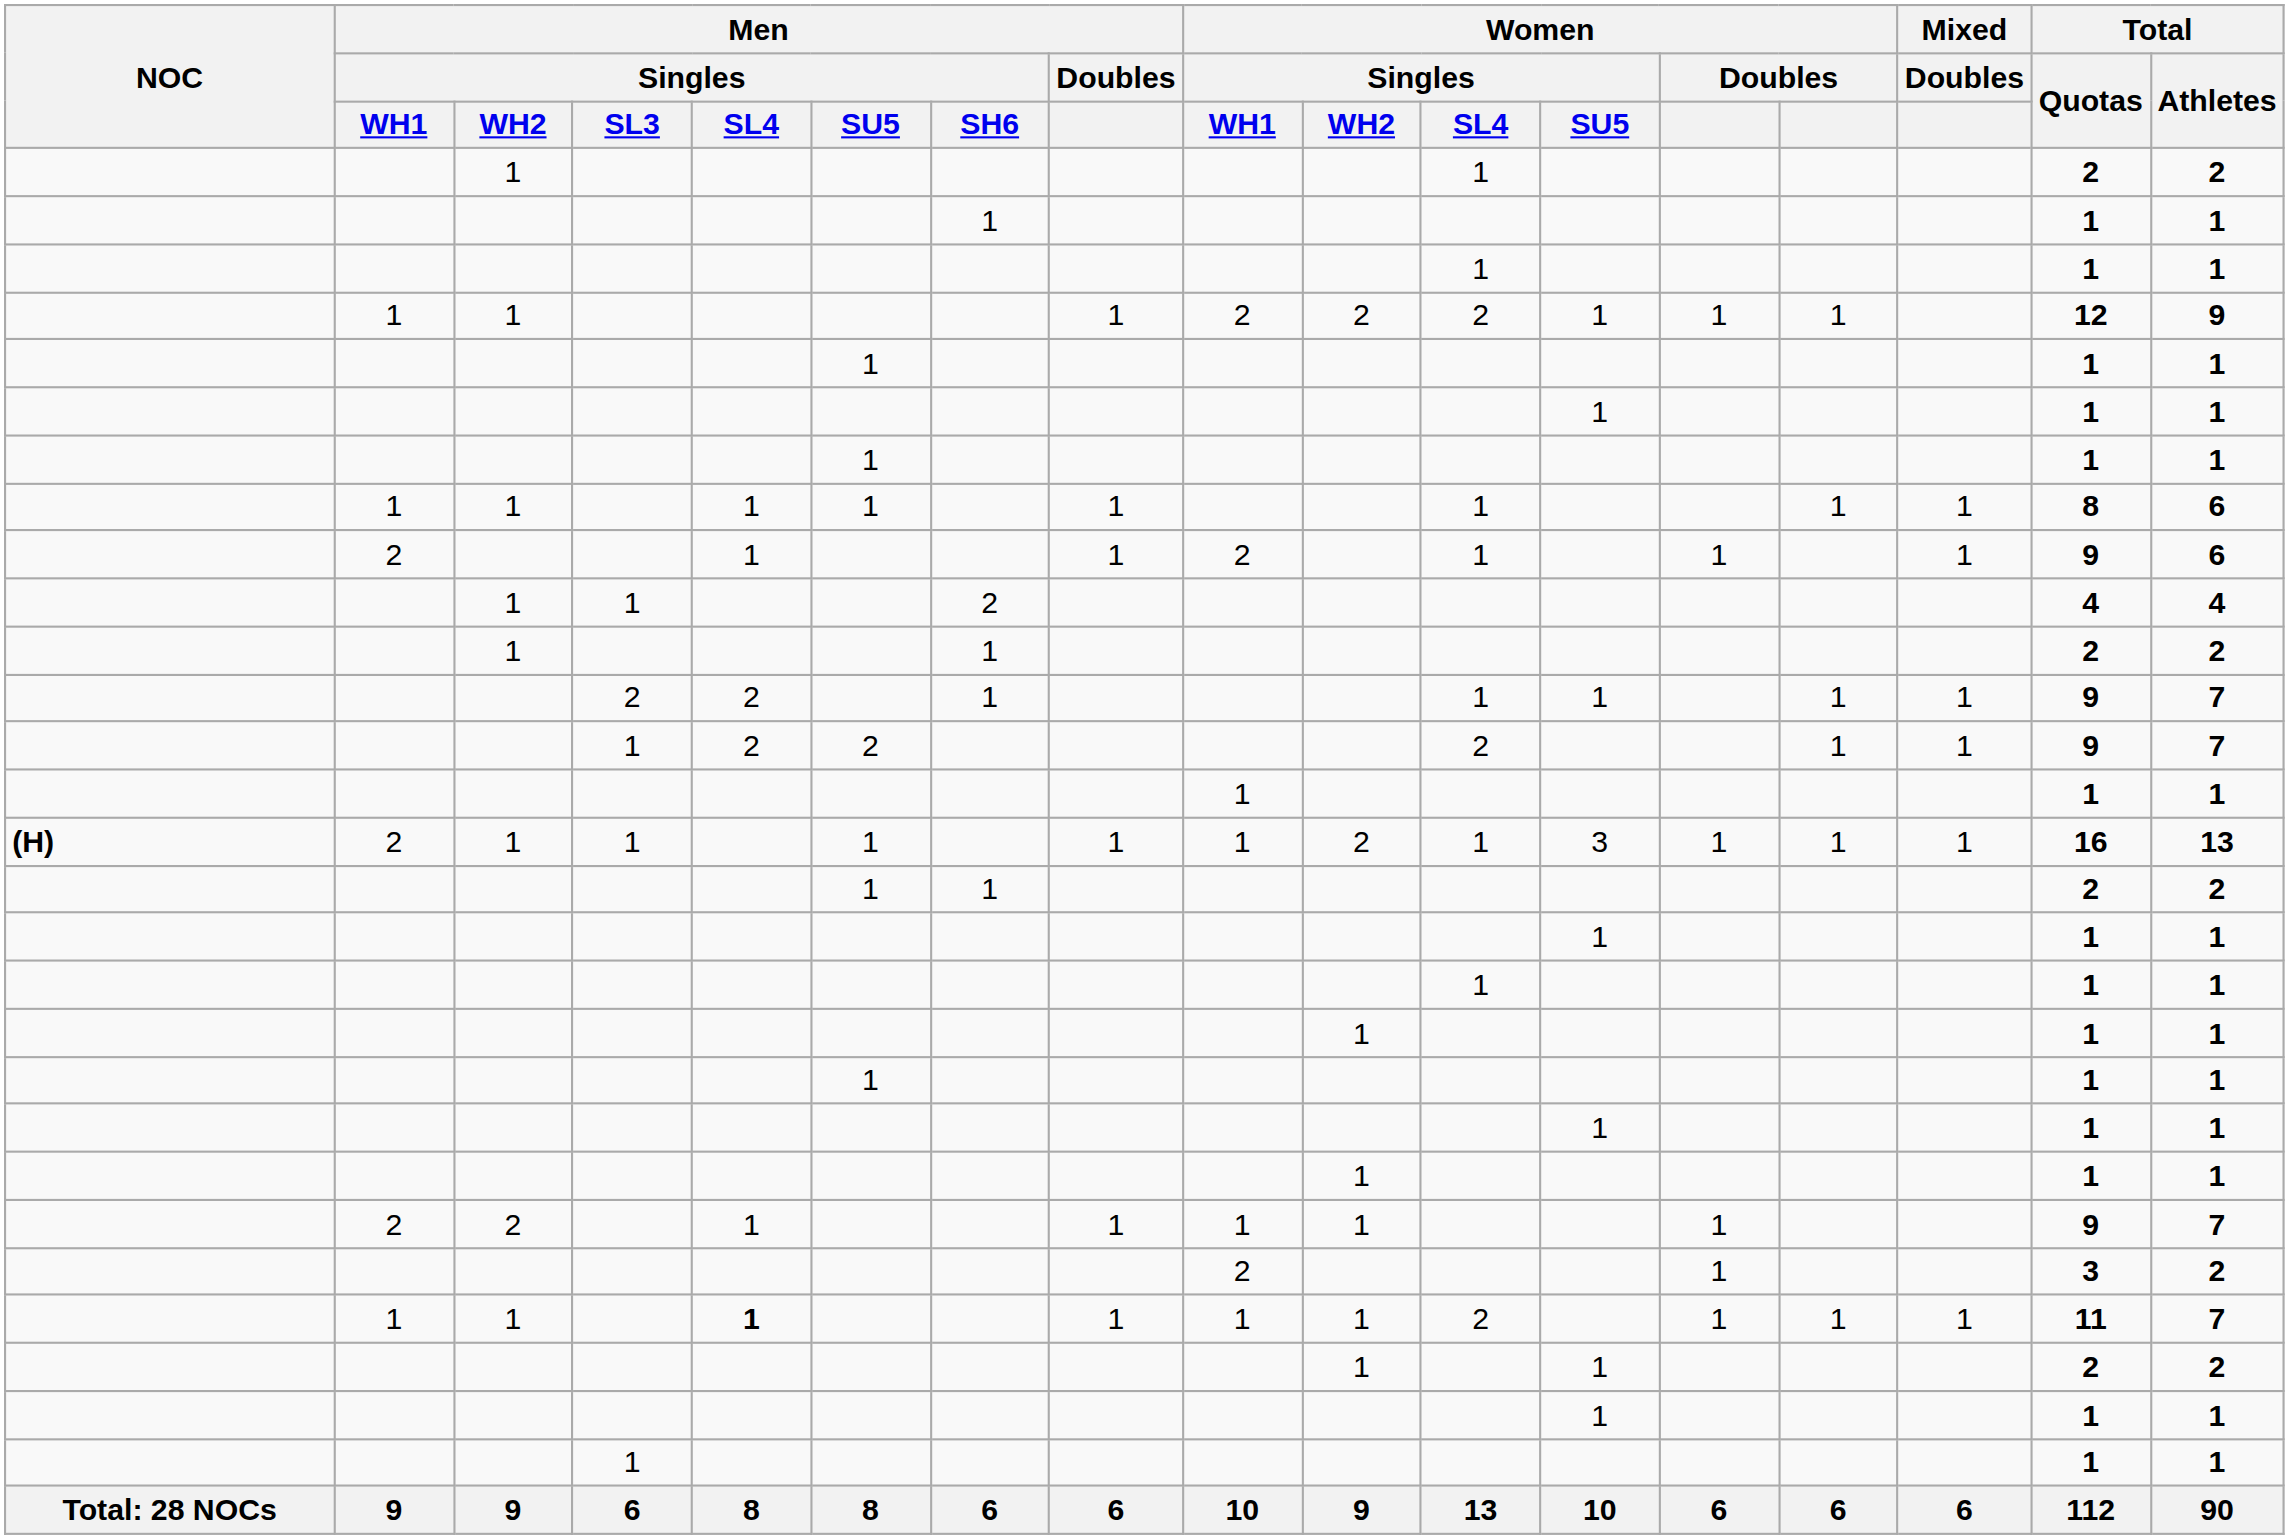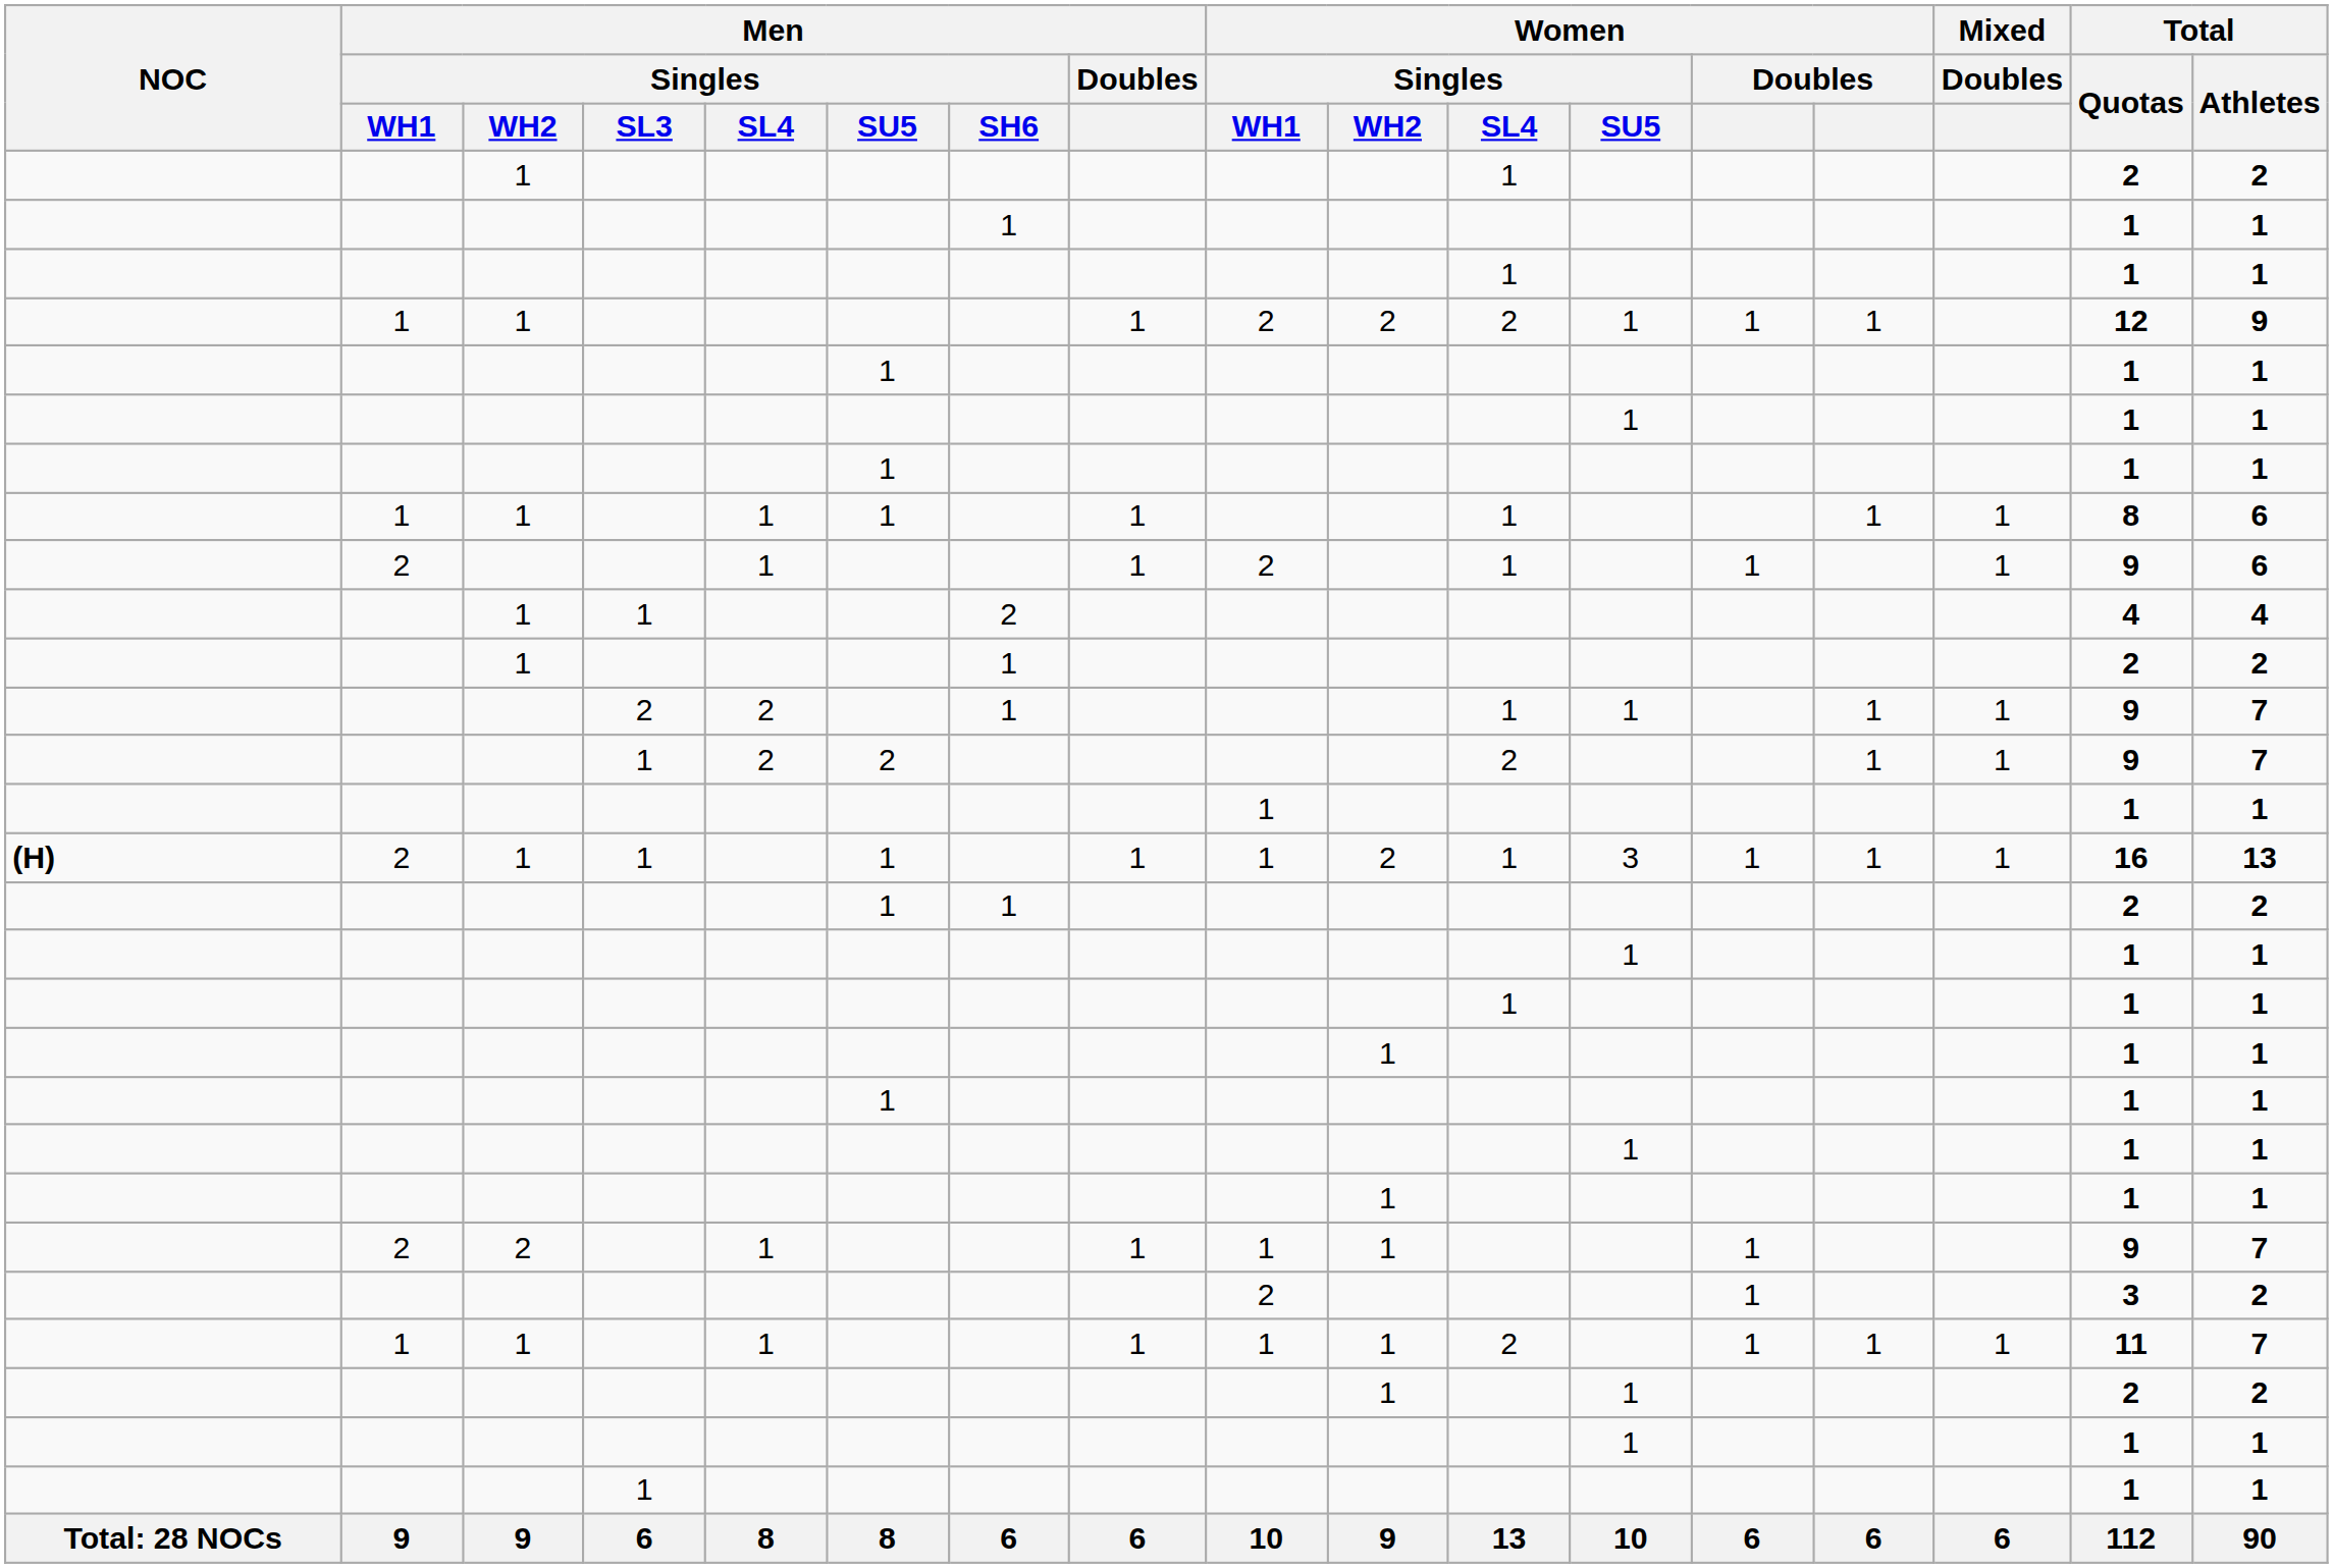 <table class="sortable wikitable" style="font-size:90%; text-align:center">
 <tr>
 <th rowspan="3" width="150">NOC</th>
 <th colspan="7">Men</th>
 <th colspan="6">Women</th>
 <th>Mixed</th>
 <th colspan="2">Total</th>
 </tr>
 <tr>
 <th colspan="6">Singles</th>
 <th>Doubles</th>
 <th colspan="4">Singles</th>
 <th colspan="2">Doubles</th>
 <th>Doubles</th>
 <th rowspan="2" width="50">Quotas</th>
 <th rowspan="2" width="50">Athletes</th>
 </tr>
 <tr>
 <th width="50"><a href='#'>WH1</a></th>
 <th width="50"><a href='#'>WH2</a></th>
 <th width="50"><a href='#'>SL3</a></th>
 <th width="50"><a href='#'>SL4</a></th>
 <th width="50"><a href='#'>SU5</a></th>
 <th width="50"><a href='#'>SH6</a></th>
 <th width="50"></th>
 <th width="50"><a href='#'>WH1</a></th>
 <th width="50"><a href='#'>WH2</a></th>
 <th width="50"><a href='#'>SL4</a></th>
 <th width="50"><a href='#'>SU5</a></th>
 <th width="50"></th>
 <th width="50"></th>
 <th width="50"></th>
 </tr>
 <tr>
 <td align="left"></td>
 <td></td>
 <td>1</td>
 <td></td>
 <td></td>
 <td></td>
 <td></td>
 <td></td>
 <td></td>
 <td></td>
 <td>1</td>
 <td></td>
 <td></td>
 <td></td>
 <td></td>
 <td><strong>2</strong></td>
 <td><strong>2</strong></td>
 </tr>
 <tr>
 <td align="left"></td>
 <td></td>
 <td></td>
 <td></td>
 <td></td>
 <td></td>
 <td>1</td>
 <td></td>
 <td></td>
 <td></td>
 <td></td>
 <td></td>
 <td></td>
 <td></td>
 <td></td>
 <td><strong>1</strong></td>
 <td><strong>1</strong></td>
 </tr>
 <tr>
 <td align="left"></td>
 <td></td>
 <td></td>
 <td></td>
 <td></td>
 <td></td>
 <td></td>
 <td></td>
 <td></td>
 <td></td>
 <td>1</td>
 <td></td>
 <td></td>
 <td></td>
 <td></td>
 <td><strong>1</strong></td>
 <td><strong>1</strong></td>
 </tr>
 <tr>
 <td align="left"></td>
 <td>1</td>
 <td>1</td>
 <td></td>
 <td></td>
 <td></td>
 <td></td>
 <td>1</td>
 <td>2</td>
 <td>2</td>
 <td>2</td>
 <td>1</td>
 <td>1</td>
 <td>1</td>
 <td></td>
 <td><strong>12</strong></td>
 <td><strong>9</strong></td>
 </tr>
 <tr>
 <td align="left"></td>
 <td></td>
 <td></td>
 <td></td>
 <td></td>
 <td>1</td>
 <td></td>
 <td></td>
 <td></td>
 <td></td>
 <td></td>
 <td></td>
 <td></td>
 <td></td>
 <td></td>
 <td><strong>1</strong></td>
 <td><strong>1</strong></td>
 </tr>
 <tr>
 <td align="left"></td>
 <td></td>
 <td></td>
 <td></td>
 <td></td>
 <td></td>
 <td></td>
 <td></td>
 <td></td>
 <td></td>
 <td></td>
 <td>1</td>
 <td></td>
 <td></td>
 <td></td>
 <td><strong>1</strong></td>
 <td><strong>1</strong></td>
 </tr>
 <tr>
 <td align="left"></td>
 <td></td>
 <td></td>
 <td></td>
 <td></td>
 <td>1</td>
 <td></td>
 <td></td>
 <td></td>
 <td></td>
 <td></td>
 <td></td>
 <td></td>
 <td></td>
 <td></td>
 <td><strong>1</strong></td>
 <td><strong>1</strong></td>
 </tr>
 <tr>
 <td align="left"></td>
 <td>1</td>
 <td>1</td>
 <td></td>
 <td>1</td>
 <td>1</td>
 <td></td>
 <td>1</td>
 <td></td>
 <td></td>
 <td>1</td>
 <td></td>
 <td></td>
 <td>1</td>
 <td>1</td>
 <td><strong>8</strong></td>
 <td><strong>6</strong></td>
 </tr>
 <tr>
 <td align="left"></td>
 <td>2</td>
 <td></td>
 <td></td>
 <td>1</td>
 <td></td>
 <td></td>
 <td>1</td>
 <td>2</td>
 <td></td>
 <td>1</td>
 <td></td>
 <td>1</td>
 <td></td>
 <td>1</td>
 <td><strong>9</strong></td>
 <td><strong>6</strong></td>
 </tr>
 <tr>
 <td align="left"></td>
 <td></td>
 <td>1</td>
 <td>1</td>
 <td></td>
 <td></td>
 <td>2</td>
 <td></td>
 <td></td>
 <td></td>
 <td></td>
 <td></td>
 <td></td>
 <td></td>
 <td></td>
 <td><strong>4</strong></td>
 <td><strong>4</strong></td>
 </tr>
 <tr>
 <td align="left"></td>
 <td></td>
 <td>1</td>
 <td></td>
 <td></td>
 <td></td>
 <td>1</td>
 <td></td>
 <td></td>
 <td></td>
 <td></td>
 <td></td>
 <td></td>
 <td></td>
 <td></td>
 <td><strong>2</strong></td>
 <td><strong>2</strong></td>
 </tr>
 <tr>
 <td align="left"></td>
 <td></td>
 <td></td>
 <td>2</td>
 <td>2</td>
 <td></td>
 <td>1</td>
 <td></td>
 <td></td>
 <td></td>
 <td>1</td>
 <td>1</td>
 <td></td>
 <td>1</td>
 <td>1</td>
 <td><strong>9</strong></td>
 <td><strong>7</strong></td>
 </tr>
 <tr>
 <td align="left"></td>
 <td></td>
 <td></td>
 <td>1</td>
 <td>2</td>
 <td>2</td>
 <td></td>
 <td></td>
 <td></td>
 <td></td>
 <td>2</td>
 <td></td>
 <td></td>
 <td>1</td>
 <td>1</td>
 <td><strong>9</strong></td>
 <td><strong>7</strong></td>
 </tr>
 <tr>
 <td align="left"></td>
 <td></td>
 <td></td>
 <td></td>
 <td></td>
 <td></td>
 <td></td>
 <td></td>
 <td>1</td>
 <td></td>
 <td></td>
 <td></td>
 <td></td>
 <td></td>
 <td></td>
 <td><strong>1</strong></td>
 <td><strong>1</strong></td>
 </tr>
 <tr>
 <td align="left"> <strong>(H)</strong></td>
 <td>2</td>
 <td>1</td>
 <td>1</td>
 <td></td>
 <td>1</td>
 <td></td>
 <td>1</td>
 <td>1</td>
 <td>2</td>
 <td>1</td>
 <td>3</td>
 <td>1</td>
 <td>1</td>
 <td>1</td>
 <td><strong>16</strong></td>
 <td><strong>13</strong></td>
 </tr>
 <tr>
 <td align="left"></td>
 <td></td>
 <td></td>
 <td></td>
 <td></td>
 <td>1</td>
 <td>1</td>
 <td></td>
 <td></td>
 <td></td>
 <td></td>
 <td></td>
 <td></td>
 <td></td>
 <td></td>
 <td><strong>2</strong></td>
 <td><strong>2</strong></td>
 </tr>
 <tr>
 <td align="left"></td>
 <td></td>
 <td></td>
 <td></td>
 <td></td>
 <td></td>
 <td></td>
 <td></td>
 <td></td>
 <td></td>
 <td></td>
 <td>1</td>
 <td></td>
 <td></td>
 <td></td>
 <td><strong>1</strong></td>
 <td><strong>1</strong></td>
 </tr>
 <tr>
 <td align="left"></td>
 <td></td>
 <td></td>
 <td></td>
 <td></td>
 <td></td>
 <td></td>
 <td></td>
 <td></td>
 <td></td>
 <td>1</td>
 <td></td>
 <td></td>
 <td></td>
 <td></td>
 <td><strong>1</strong></td>
 <td><strong>1</strong></td>
 </tr>
 <tr>
 <td align="left"></td>
 <td></td>
 <td></td>
 <td></td>
 <td></td>
 <td></td>
 <td></td>
 <td></td>
 <td></td>
 <td>1</td>
 <td></td>
 <td></td>
 <td></td>
 <td></td>
 <td></td>
 <td><strong>1</strong></td>
 <td><strong>1</strong></td>
 </tr>
 <tr>
 <td align="left"></td>
 <td></td>
 <td></td>
 <td></td>
 <td></td>
 <td>1</td>
 <td></td>
 <td></td>
 <td></td>
 <td></td>
 <td></td>
 <td></td>
 <td></td>
 <td></td>
 <td></td>
 <td><strong>1</strong></td>
 <td><strong>1</strong></td>
 </tr>
 <tr>
 <td align="left"></td>
 <td></td>
 <td></td>
 <td></td>
 <td></td>
 <td></td>
 <td></td>
 <td></td>
 <td></td>
 <td></td>
 <td></td>
 <td>1</td>
 <td></td>
 <td></td>
 <td></td>
 <td><strong>1</strong></td>
 <td><strong>1</strong></td>
 </tr>
 <tr>
 <td align="left"></td>
 <td></td>
 <td></td>
 <td></td>
 <td></td>
 <td></td>
 <td></td>
 <td></td>
 <td></td>
 <td>1</td>
 <td></td>
 <td></td>
 <td></td>
 <td></td>
 <td></td>
 <td><strong>1</strong></td>
 <td><strong>1</strong></td>
 </tr>
 <tr>
 <td align="left"></td>
 <td>2</td>
 <td>2</td>
 <td></td>
 <td>1</td>
 <td></td>
 <td></td>
 <td>1</td>
 <td>1</td>
 <td>1</td>
 <td></td>
 <td></td>
 <td>1</td>
 <td></td>
 <td></td>
 <td><strong>9</strong></td>
 <td><strong>7</strong></td>
 </tr>
 <tr>
 <td align="left"></td>
 <td></td>
 <td></td>
 <td></td>
 <td></td>
 <td></td>
 <td></td>
 <td></td>
 <td>2</td>
 <td></td>
 <td></td>
 <td></td>
 <td>1</td>
 <td></td>
 <td></td>
 <td><strong>3</strong></td>
 <td><strong>2</strong></td>
 </tr>
 <tr>
 <td align="left"></td>
 <td>1</td>
 <td>1</td>
 <td></td>
-<td><strong>1</strong></td>
+<td>1</td>
 <td></td>
 <td></td>
 <td>1</td>
 <td>1</td>
 <td>1</td>
 <td>2</td>
 <td></td>
 <td>1</td>
 <td>1</td>
 <td>1</td>
 <td><strong>11</strong></td>
 <td><strong>7</strong></td>
 </tr>
 <tr>
 <td align="left"></td>
 <td></td>
 <td></td>
 <td></td>
 <td></td>
 <td></td>
 <td></td>
 <td></td>
 <td></td>
 <td>1</td>
 <td></td>
 <td>1</td>
 <td></td>
 <td></td>
 <td></td>
 <td><strong>2</strong></td>
 <td><strong>2</strong></td>
 </tr>
 <tr>
 <td align="left"></td>
 <td></td>
 <td></td>
 <td></td>
 <td></td>
 <td></td>
 <td></td>
 <td></td>
 <td></td>
 <td></td>
 <td></td>
 <td>1</td>
 <td></td>
 <td></td>
 <td></td>
 <td><strong>1</strong></td>
 <td><strong>1</strong></td>
 </tr>
 <tr>
 <td align="left"></td>
 <td></td>
 <td></td>
 <td>1</td>
 <td></td>
 <td></td>
 <td></td>
 <td></td>
 <td></td>
 <td></td>
 <td></td>
 <td></td>
 <td></td>
 <td></td>
 <td></td>
 <td><strong>1</strong></td>
 <td><strong>1</strong></td>
 </tr>
 <tr>
 <th>Total: 28 NOCs</th>
 <th>9</th>
 <th>9</th>
 <th>6</th>
 <th>8</th>
 <th>8</th>
 <th>6</th>
 <th>6</th>
 <th>10</th>
 <th>9</th>
 <th>13</th>
 <th>10</th>
 <th>6</th>
 <th>6</th>
 <th>6</th>
 <th>112</th>
 <th>90</th>
 </tr>
 </table>
